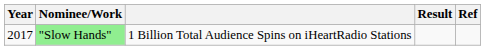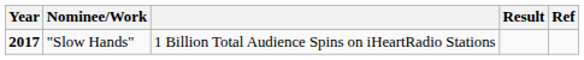 <table class="wikitable">
 <tr>
 <th>Year</th>
 <th>Nominee/Work</th>
 <th></th>
 <th>Result</th>
 <th>Ref</th>
 </tr>
 <tr>
-<td>2017</td>
-<td style="background: lightgreen;">"Slow Hands"</td>
+<td><strong>2017</strong></td>
+<td>"Slow Hands"</td>
 <td>1 Billion Total Audience Spins on iHeartRadio Stations</td>
 <td></td>
 <td></td>
 </tr>
 </table>
